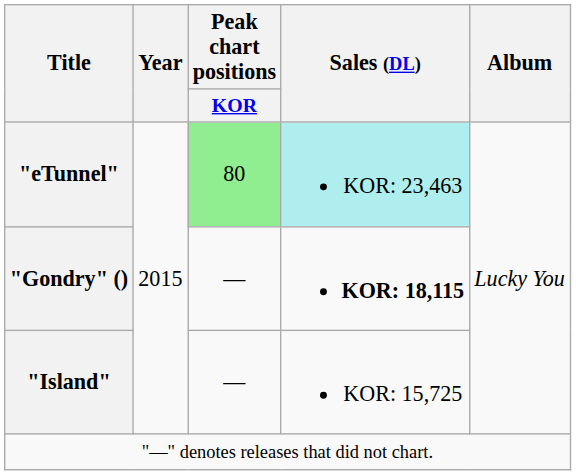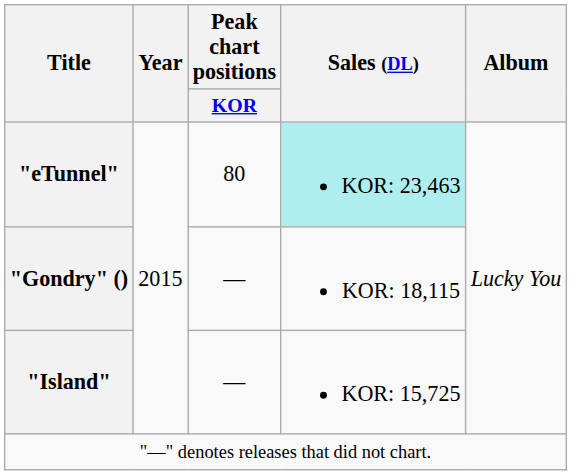 <table class="wikitable plainrowheaders" style="text-align:center;">
 <tr>
 <th scope="col" rowspan="2">Title</th>
 <th scope="col" rowspan="2">Year</th>
 <th scope="col" colspan="1">Peak chart <br> positions</th>
 <th scope="col" rowspan="2">Sales <small>(<a href='#'>DL</a>)</small></th>
 <th scope="col" rowspan="2">Album</th>
 </tr>
 <tr>
 <th scope="col" style="width:3.5em;font-size:90%;"><a href='#'>KOR</a><br></th>
 </tr>
 <tr>
 <th scope="row">"eTunnel"<br></th>
 <td rowspan="3">2015</td>
-<td style="background: lightgreen;">80</td>
+<td>80</td>
 <td style="background: paleturquoise;"><br><ul><li>KOR: 23,463</li></ul></td>
 <td rowspan="3"><em>Lucky You</em></td>
 </tr>
 <tr>
 <th scope="row">"Gondry" ()<br></th>
 <td>—</td>
-<td><strong><br><ul><li>KOR: 18,115</li></ul></strong></td>
+<td><br><ul><li>KOR: 18,115</li></ul></td>
 </tr>
 <tr>
 <th scope="row">"Island"<br></th>
 <td>—</td>
 <td><br><ul><li>KOR: 15,725</li></ul></td>
 </tr>
 <tr>
 <td colspan="5" align="center"><small>"—" denotes releases that did not chart.</small></td>
 </tr>
 </table>
